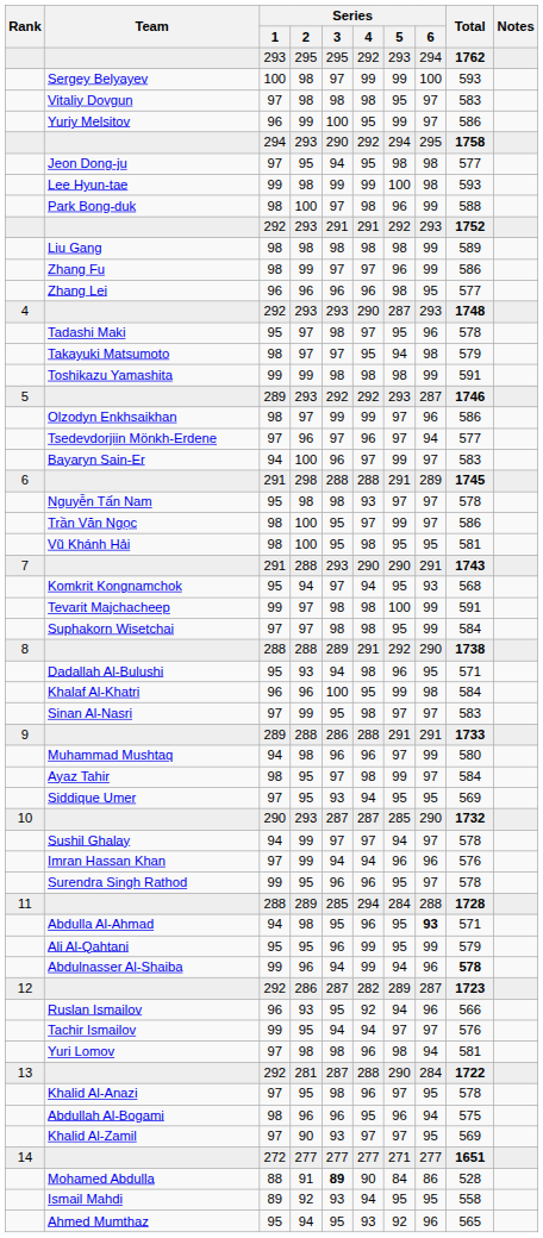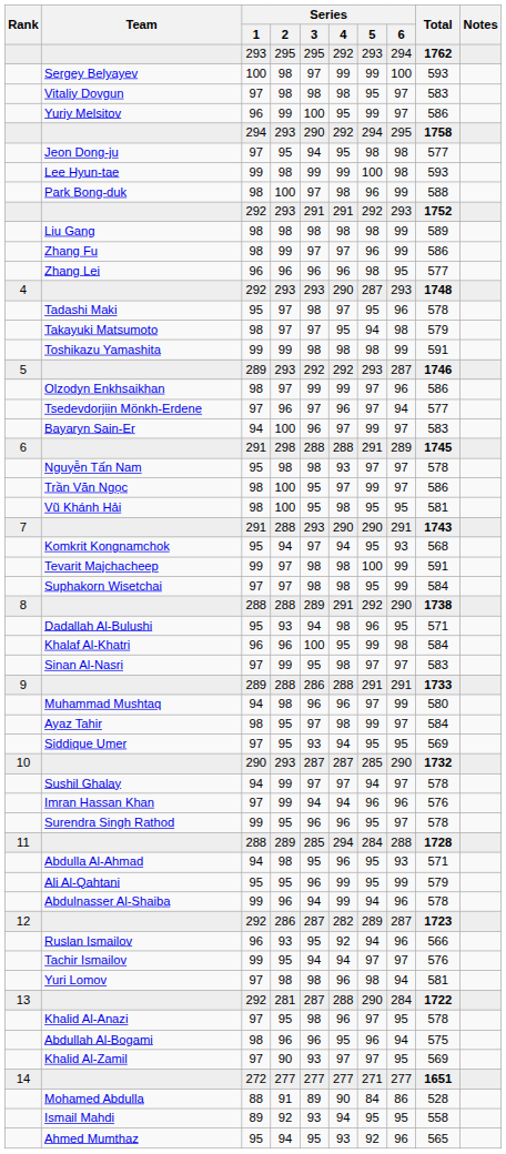 <table class="wikitable" style="text-align:center">
 <tr>
 <th rowspan=2 width=40>Rank</th>
 <th rowspan=2 width=250>Team</th>
 <th colspan=6>Series</th>
 <th rowspan=2 width=50>Total</th>
 <th rowspan=2 width=45>Notes</th>
 </tr>
 <tr>
 <th width=30>1</th>
 <th width=30>2</th>
 <th width=30>3</th>
 <th width=30>4</th>
 <th width=30>5</th>
 <th width=30>6</th>
 </tr>
 <tr bgcolor=eeeeee>
 <td></td>
 <td align=left></td>
 <td>293</td>
 <td>295</td>
 <td>295</td>
 <td>292</td>
 <td>293</td>
 <td>294</td>
 <td><strong>1762</strong></td>
 <td></td>
 </tr>
 <tr>
 <td></td>
 <td align=left><a href='#'>Sergey Belyayev</a></td>
 <td>100</td>
 <td>98</td>
 <td>97</td>
 <td>99</td>
 <td>99</td>
 <td>100</td>
 <td>593</td>
 <td></td>
 </tr>
 <tr>
 <td></td>
 <td align=left><a href='#'>Vitaliy Dovgun</a></td>
 <td>97</td>
 <td>98</td>
 <td>98</td>
 <td>98</td>
 <td>95</td>
 <td>97</td>
 <td>583</td>
 <td></td>
 </tr>
 <tr>
 <td></td>
 <td align=left><a href='#'>Yuriy Melsitov</a></td>
 <td>96</td>
 <td>99</td>
 <td>100</td>
 <td>95</td>
 <td>99</td>
 <td>97</td>
 <td>586</td>
 <td></td>
 </tr>
 <tr bgcolor=eeeeee>
 <td></td>
 <td align=left></td>
 <td>294</td>
 <td>293</td>
 <td>290</td>
 <td>292</td>
 <td>294</td>
 <td>295</td>
 <td><strong>1758</strong></td>
 <td></td>
 </tr>
 <tr>
 <td></td>
 <td align=left><a href='#'>Jeon Dong-ju</a></td>
 <td>97</td>
 <td>95</td>
 <td>94</td>
 <td>95</td>
 <td>98</td>
 <td>98</td>
 <td>577</td>
 <td></td>
 </tr>
 <tr>
 <td></td>
 <td align=left><a href='#'>Lee Hyun-tae</a></td>
 <td>99</td>
 <td>98</td>
 <td>99</td>
 <td>99</td>
 <td>100</td>
 <td>98</td>
 <td>593</td>
 <td></td>
 </tr>
 <tr>
 <td></td>
 <td align=left><a href='#'>Park Bong-duk</a></td>
 <td>98</td>
 <td>100</td>
 <td>97</td>
 <td>98</td>
 <td>96</td>
 <td>99</td>
 <td>588</td>
 <td></td>
 </tr>
 <tr bgcolor=eeeeee>
 <td></td>
 <td align=left></td>
 <td>292</td>
 <td>293</td>
 <td>291</td>
 <td>291</td>
 <td>292</td>
 <td>293</td>
 <td><strong>1752</strong></td>
 <td></td>
 </tr>
 <tr>
 <td></td>
 <td align=left><a href='#'>Liu Gang</a></td>
 <td>98</td>
 <td>98</td>
 <td>98</td>
 <td>98</td>
 <td>98</td>
 <td>99</td>
 <td>589</td>
 <td></td>
 </tr>
 <tr>
 <td></td>
 <td align=left><a href='#'>Zhang Fu</a></td>
 <td>98</td>
 <td>99</td>
 <td>97</td>
 <td>97</td>
 <td>96</td>
 <td>99</td>
 <td>586</td>
 <td></td>
 </tr>
 <tr>
 <td></td>
 <td align=left><a href='#'>Zhang Lei</a></td>
 <td>96</td>
 <td>96</td>
 <td>96</td>
 <td>96</td>
 <td>98</td>
 <td>95</td>
 <td>577</td>
 <td></td>
 </tr>
 <tr bgcolor=eeeeee>
 <td>4</td>
 <td align=left></td>
 <td>292</td>
 <td>293</td>
 <td>293</td>
 <td>290</td>
 <td>287</td>
 <td>293</td>
 <td><strong>1748</strong></td>
 <td></td>
 </tr>
 <tr>
 <td></td>
 <td align=left><a href='#'>Tadashi Maki</a></td>
 <td>95</td>
 <td>97</td>
 <td>98</td>
 <td>97</td>
 <td>95</td>
 <td>96</td>
 <td>578</td>
 <td></td>
 </tr>
 <tr>
 <td></td>
 <td align=left><a href='#'>Takayuki Matsumoto</a></td>
 <td>98</td>
 <td>97</td>
 <td>97</td>
 <td>95</td>
 <td>94</td>
 <td>98</td>
 <td>579</td>
 <td></td>
 </tr>
 <tr>
 <td></td>
 <td align=left><a href='#'>Toshikazu Yamashita</a></td>
 <td>99</td>
 <td>99</td>
 <td>98</td>
 <td>98</td>
 <td>98</td>
 <td>99</td>
 <td>591</td>
 <td></td>
 </tr>
 <tr bgcolor=eeeeee>
 <td>5</td>
 <td align=left></td>
 <td>289</td>
 <td>293</td>
 <td>292</td>
 <td>292</td>
 <td>293</td>
 <td>287</td>
 <td><strong>1746</strong></td>
 <td></td>
 </tr>
 <tr>
 <td></td>
 <td align=left><a href='#'>Olzodyn Enkhsaikhan</a></td>
 <td>98</td>
 <td>97</td>
 <td>99</td>
 <td>99</td>
 <td>97</td>
 <td>96</td>
 <td>586</td>
 <td></td>
 </tr>
 <tr>
 <td></td>
 <td align=left><a href='#'>Tsedevdorjiin Mönkh-Erdene</a></td>
 <td>97</td>
 <td>96</td>
 <td>97</td>
 <td>96</td>
 <td>97</td>
 <td>94</td>
 <td>577</td>
 <td></td>
 </tr>
 <tr>
 <td></td>
 <td align=left><a href='#'>Bayaryn Sain-Er</a></td>
 <td>94</td>
 <td>100</td>
 <td>96</td>
 <td>97</td>
 <td>99</td>
 <td>97</td>
 <td>583</td>
 <td></td>
 </tr>
 <tr bgcolor=eeeeee>
 <td>6</td>
 <td align=left></td>
 <td>291</td>
 <td>298</td>
 <td>288</td>
 <td>288</td>
 <td>291</td>
 <td>289</td>
 <td><strong>1745</strong></td>
 <td></td>
 </tr>
 <tr>
 <td></td>
 <td align=left><a href='#'>Nguyễn Tấn Nam</a></td>
 <td>95</td>
 <td>98</td>
 <td>98</td>
 <td>93</td>
 <td>97</td>
 <td>97</td>
 <td>578</td>
 <td></td>
 </tr>
 <tr>
 <td></td>
 <td align=left><a href='#'>Trần Văn Ngọc</a></td>
 <td>98</td>
 <td>100</td>
 <td>95</td>
 <td>97</td>
 <td>99</td>
 <td>97</td>
 <td>586</td>
 <td></td>
 </tr>
 <tr>
 <td></td>
 <td align=left><a href='#'>Vũ Khánh Hải</a></td>
 <td>98</td>
 <td>100</td>
 <td>95</td>
 <td>98</td>
 <td>95</td>
 <td>95</td>
 <td>581</td>
 <td></td>
 </tr>
 <tr bgcolor=eeeeee>
 <td>7</td>
 <td align=left></td>
 <td>291</td>
 <td>288</td>
 <td>293</td>
 <td>290</td>
 <td>290</td>
 <td>291</td>
 <td><strong>1743</strong></td>
 <td></td>
 </tr>
 <tr>
 <td></td>
 <td align=left><a href='#'>Komkrit Kongnamchok</a></td>
 <td>95</td>
 <td>94</td>
 <td>97</td>
 <td>94</td>
 <td>95</td>
 <td>93</td>
 <td>568</td>
 <td></td>
 </tr>
 <tr>
 <td></td>
 <td align=left><a href='#'>Tevarit Majchacheep</a></td>
 <td>99</td>
 <td>97</td>
 <td>98</td>
 <td>98</td>
 <td>100</td>
 <td>99</td>
 <td>591</td>
 <td></td>
 </tr>
 <tr>
 <td></td>
 <td align=left><a href='#'>Suphakorn Wisetchai</a></td>
 <td>97</td>
 <td>97</td>
 <td>98</td>
 <td>98</td>
 <td>95</td>
 <td>99</td>
 <td>584</td>
 <td></td>
 </tr>
 <tr bgcolor=eeeeee>
 <td>8</td>
 <td align=left></td>
 <td>288</td>
 <td>288</td>
 <td>289</td>
 <td>291</td>
 <td>292</td>
 <td>290</td>
 <td><strong>1738</strong></td>
 <td></td>
 </tr>
 <tr>
 <td></td>
 <td align=left><a href='#'>Dadallah Al-Bulushi</a></td>
 <td>95</td>
 <td>93</td>
 <td>94</td>
 <td>98</td>
 <td>96</td>
 <td>95</td>
 <td>571</td>
 <td></td>
 </tr>
 <tr>
 <td></td>
 <td align=left><a href='#'>Khalaf Al-Khatri</a></td>
 <td>96</td>
 <td>96</td>
 <td>100</td>
 <td>95</td>
 <td>99</td>
 <td>98</td>
 <td>584</td>
 <td></td>
 </tr>
 <tr>
 <td></td>
 <td align=left><a href='#'>Sinan Al-Nasri</a></td>
 <td>97</td>
 <td>99</td>
 <td>95</td>
 <td>98</td>
 <td>97</td>
 <td>97</td>
 <td>583</td>
 <td></td>
 </tr>
 <tr bgcolor=eeeeee>
 <td>9</td>
 <td align=left></td>
 <td>289</td>
 <td>288</td>
 <td>286</td>
 <td>288</td>
 <td>291</td>
 <td>291</td>
 <td><strong>1733</strong></td>
 <td></td>
 </tr>
 <tr>
 <td></td>
 <td align=left><a href='#'>Muhammad Mushtaq</a></td>
 <td>94</td>
 <td>98</td>
 <td>96</td>
 <td>96</td>
 <td>97</td>
 <td>99</td>
 <td>580</td>
 <td></td>
 </tr>
 <tr>
 <td></td>
 <td align=left><a href='#'>Ayaz Tahir</a></td>
 <td>98</td>
 <td>95</td>
 <td>97</td>
 <td>98</td>
 <td>99</td>
 <td>97</td>
 <td>584</td>
 <td></td>
 </tr>
 <tr>
 <td></td>
 <td align=left><a href='#'>Siddique Umer</a></td>
 <td>97</td>
 <td>95</td>
 <td>93</td>
 <td>94</td>
 <td>95</td>
 <td>95</td>
 <td>569</td>
 <td></td>
 </tr>
 <tr bgcolor=eeeeee>
 <td>10</td>
 <td align=left></td>
 <td>290</td>
 <td>293</td>
 <td>287</td>
 <td>287</td>
 <td>285</td>
 <td>290</td>
 <td><strong>1732</strong></td>
 <td></td>
 </tr>
 <tr>
 <td></td>
 <td align=left><a href='#'>Sushil Ghalay</a></td>
 <td>94</td>
 <td>99</td>
 <td>97</td>
 <td>97</td>
 <td>94</td>
 <td>97</td>
 <td>578</td>
 <td></td>
 </tr>
 <tr>
 <td></td>
 <td align=left><a href='#'>Imran Hassan Khan</a></td>
 <td>97</td>
 <td>99</td>
 <td>94</td>
 <td>94</td>
 <td>96</td>
 <td>96</td>
 <td>576</td>
 <td></td>
 </tr>
 <tr>
 <td></td>
 <td align=left><a href='#'>Surendra Singh Rathod</a></td>
 <td>99</td>
 <td>95</td>
 <td>96</td>
 <td>96</td>
 <td>95</td>
 <td>97</td>
 <td>578</td>
 <td></td>
 </tr>
 <tr bgcolor=eeeeee>
 <td>11</td>
 <td align=left></td>
 <td>288</td>
 <td>289</td>
 <td>285</td>
 <td>294</td>
 <td>284</td>
 <td>288</td>
 <td><strong>1728</strong></td>
 <td></td>
 </tr>
 <tr>
 <td></td>
 <td align=left><a href='#'>Abdulla Al-Ahmad</a></td>
 <td>94</td>
 <td>98</td>
 <td>95</td>
 <td>96</td>
 <td>95</td>
-<td><strong>93</strong></td>
+<td>93</td>
 <td>571</td>
 <td></td>
 </tr>
 <tr>
 <td></td>
 <td align=left><a href='#'>Ali Al-Qahtani</a></td>
 <td>95</td>
 <td>95</td>
 <td>96</td>
 <td>99</td>
 <td>95</td>
 <td>99</td>
 <td>579</td>
 <td></td>
 </tr>
 <tr>
 <td></td>
 <td align=left><a href='#'>Abdulnasser Al-Shaiba</a></td>
 <td>99</td>
 <td>96</td>
 <td>94</td>
 <td>99</td>
 <td>94</td>
 <td>96</td>
-<td><strong>578</strong></td>
+<td>578</td>
 <td></td>
 </tr>
 <tr bgcolor=eeeeee>
 <td>12</td>
 <td align=left></td>
 <td>292</td>
 <td>286</td>
 <td>287</td>
 <td>282</td>
 <td>289</td>
 <td>287</td>
 <td><strong>1723</strong></td>
 <td></td>
 </tr>
 <tr>
 <td></td>
 <td align=left><a href='#'>Ruslan Ismailov</a></td>
 <td>96</td>
 <td>93</td>
 <td>95</td>
 <td>92</td>
 <td>94</td>
 <td>96</td>
 <td>566</td>
 <td></td>
 </tr>
 <tr>
 <td></td>
 <td align=left><a href='#'>Tachir Ismailov</a></td>
 <td>99</td>
 <td>95</td>
 <td>94</td>
 <td>94</td>
 <td>97</td>
 <td>97</td>
 <td>576</td>
 <td></td>
 </tr>
 <tr>
 <td></td>
 <td align=left><a href='#'>Yuri Lomov</a></td>
 <td>97</td>
 <td>98</td>
 <td>98</td>
 <td>96</td>
 <td>98</td>
 <td>94</td>
 <td>581</td>
 <td></td>
 </tr>
 <tr bgcolor=eeeeee>
 <td>13</td>
 <td align=left></td>
 <td>292</td>
 <td>281</td>
 <td>287</td>
 <td>288</td>
 <td>290</td>
 <td>284</td>
 <td><strong>1722</strong></td>
 <td></td>
 </tr>
 <tr>
 <td></td>
 <td align=left><a href='#'>Khalid Al-Anazi</a></td>
 <td>97</td>
 <td>95</td>
 <td>98</td>
 <td>96</td>
 <td>97</td>
 <td>95</td>
 <td>578</td>
 <td></td>
 </tr>
 <tr>
 <td></td>
 <td align=left><a href='#'>Abdullah Al-Bogami</a></td>
 <td>98</td>
 <td>96</td>
 <td>96</td>
 <td>95</td>
 <td>96</td>
 <td>94</td>
 <td>575</td>
 <td></td>
 </tr>
 <tr>
 <td></td>
 <td align=left><a href='#'>Khalid Al-Zamil</a></td>
 <td>97</td>
 <td>90</td>
 <td>93</td>
 <td>97</td>
 <td>97</td>
 <td>95</td>
 <td>569</td>
 <td></td>
 </tr>
 <tr bgcolor=eeeeee>
 <td>14</td>
 <td align=left></td>
 <td>272</td>
 <td>277</td>
 <td>277</td>
 <td>277</td>
 <td>271</td>
 <td>277</td>
 <td><strong>1651</strong></td>
 <td></td>
 </tr>
 <tr>
 <td></td>
 <td align=left><a href='#'>Mohamed Abdulla</a></td>
 <td>88</td>
 <td>91</td>
-<td><strong>89</strong></td>
+<td>89</td>
 <td>90</td>
 <td>84</td>
 <td>86</td>
 <td>528</td>
 <td></td>
 </tr>
 <tr>
 <td></td>
 <td align=left><a href='#'>Ismail Mahdi</a></td>
 <td>89</td>
 <td>92</td>
 <td>93</td>
 <td>94</td>
 <td>95</td>
 <td>95</td>
 <td>558</td>
 <td></td>
 </tr>
 <tr>
 <td></td>
 <td align=left><a href='#'>Ahmed Mumthaz</a></td>
 <td>95</td>
 <td>94</td>
 <td>95</td>
 <td>93</td>
 <td>92</td>
 <td>96</td>
 <td>565</td>
 <td></td>
 </tr>
 </table>
